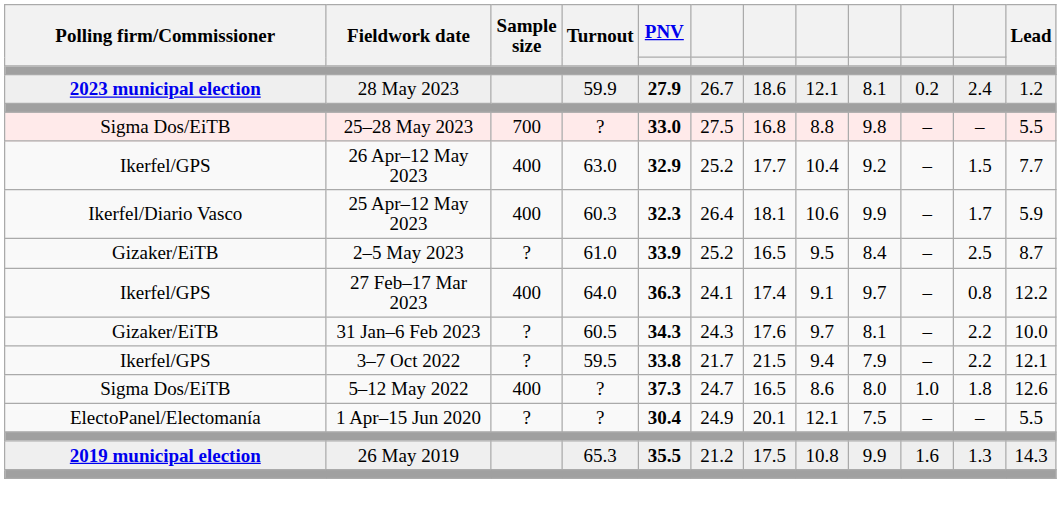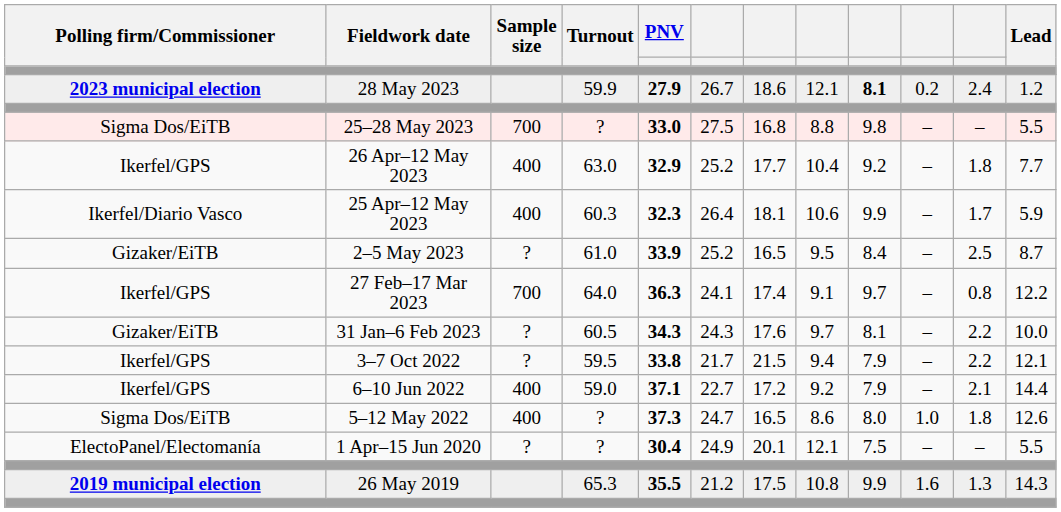 <table class="wikitable collapsible collapsed" style="text-align:center; font-size:95%; line-height:16px;">
 <tr style="height:42px;">
 <th style="width:250px;" rowspan="2">Polling firm/Commissioner</th>
 <th style="width:125px;" rowspan="2">Fieldwork date</th>
 <th style="width:50px;" rowspan="2">Sample size</th>
 <th style="width:45px;" rowspan="2">Turnout</th>
 <th style="width:35px;"><a href='#'>PNV</a></th>
 <th style="width:35px;"></th>
 <th style="width:35px;"></th>
 <th style="width:35px;"></th>
 <th style="width:35px;"></th>
 <th style="width:35px;"></th>
 <th style="width:35px;"></th>
 <th style="width:30px;" rowspan="2">Lead</th>
 </tr>
 <tr>
 <th style="color:inherit;background:"></th>
 <th style="color:inherit;background:"></th>
 <th style="color:inherit;background:"></th>
 <th style="color:inherit;background:"></th>
 <th style="color:inherit;background:"></th>
 <th style="color:inherit;background:"></th>
 <th style="color:inherit;background:"></th>
 </tr>
 <tr>
 <td colspan="12" style="background:#A0A0A0"></td>
 </tr>
 <tr style="background:#EFEFEF;">
 <td><strong><a href='#'>2023 municipal election</a></strong></td>
 <td>28 May 2023</td>
 <td></td>
 <td>59.9</td>
 <td><strong>27.9</strong><br></td>
 <td>26.7<br></td>
 <td>18.6<br></td>
 <td>12.1<br></td>
-<td>8.1<br></td>
+<td><strong>8.1<br></strong></td>
 <td>0.2<br></td>
 <td>2.4<br></td>
 <td style="background:">1.2</td>
 </tr>
 <tr>
 <td colspan="12" style="background:#A0A0A0"></td>
 </tr>
 <tr style="background:#FFEAEA;">
 <td>Sigma Dos/EiTB</td>
 <td>25–28 May 2023</td>
 <td>700</td>
 <td>?</td>
 <td><strong>33.0</strong><br></td>
 <td>27.5<br></td>
 <td>16.8<br></td>
 <td>8.8<br></td>
 <td>9.8<br></td>
 <td>–</td>
 <td>–</td>
 <td style="background:">5.5</td>
 </tr>
 <tr>
 <td>Ikerfel/GPS</td>
 <td>26 Apr–12 May 2023</td>
 <td>400</td>
 <td>63.0</td>
 <td><strong>32.9</strong><br></td>
 <td>25.2<br></td>
 <td>17.7<br></td>
 <td>10.4<br></td>
 <td>9.2<br></td>
 <td>–</td>
-<td>1.5<br></td>
+<td>1.8<br></td>
 <td style="background:">7.7</td>
 </tr>
 <tr>
 <td>Ikerfel/Diario Vasco</td>
 <td>25 Apr–12 May 2023</td>
 <td>400</td>
 <td>60.3</td>
 <td><strong>32.3</strong><br></td>
 <td>26.4<br></td>
 <td>18.1<br></td>
 <td>10.6<br></td>
 <td>9.9<br></td>
 <td>–</td>
 <td>1.7<br></td>
 <td style="background:">5.9</td>
 </tr>
 <tr>
 <td>Gizaker/EiTB</td>
 <td>2–5 May 2023</td>
 <td>?</td>
 <td>61.0</td>
 <td><strong>33.9</strong><br></td>
 <td>25.2<br></td>
 <td>16.5<br></td>
 <td>9.5<br></td>
 <td>8.4<br></td>
 <td>–</td>
 <td>2.5<br></td>
 <td style="background:">8.7</td>
 </tr>
 <tr>
 <td>Ikerfel/GPS</td>
 <td>27 Feb–17 Mar 2023</td>
-<td>400</td>
+<td>700</td>
 <td>64.0</td>
 <td><strong>36.3</strong><br></td>
 <td>24.1<br></td>
 <td>17.4<br></td>
 <td>9.1<br></td>
 <td>9.7<br></td>
 <td>–</td>
 <td>0.8<br></td>
 <td style="background:">12.2</td>
 </tr>
 <tr>
 <td>Gizaker/EiTB</td>
 <td>31 Jan–6 Feb 2023</td>
 <td>?</td>
 <td>60.5</td>
 <td><strong>34.3</strong><br></td>
 <td>24.3<br></td>
 <td>17.6<br></td>
 <td>9.7<br></td>
 <td>8.1<br></td>
 <td>–</td>
 <td>2.2<br></td>
 <td style="background:">10.0</td>
 </tr>
 <tr>
 <td>Ikerfel/GPS</td>
 <td>3–7 Oct 2022</td>
 <td>?</td>
 <td>59.5</td>
 <td><strong>33.8</strong><br></td>
 <td>21.7<br></td>
 <td>21.5<br></td>
 <td>9.4<br></td>
 <td>7.9<br></td>
 <td>–</td>
 <td>2.2<br></td>
 <td style="background:">12.1</td>
+</tr>
+<tr>
+<td>Ikerfel/GPS</td>
+<td>6–10 Jun 2022</td>
+<td>400</td>
+<td>59.0</td>
+<td><strong>37.1</strong><br></td>
+<td>22.7<br></td>
+<td>17.2<br></td>
+<td>9.2<br></td>
+<td>7.9<br></td>
+<td>–</td>
+<td>2.1<br></td>
+<td style="background:">14.4</td>
 </tr>
 <tr>
 <td>Sigma Dos/EiTB</td>
 <td>5–12 May 2022</td>
 <td>400</td>
 <td>?</td>
 <td><strong>37.3</strong><br></td>
 <td>24.7<br></td>
 <td>16.5<br></td>
 <td>8.6<br></td>
 <td>8.0<br></td>
 <td>1.0<br></td>
 <td>1.8<br></td>
 <td style="background:">12.6</td>
 </tr>
 <tr>
 <td>ElectoPanel/Electomanía</td>
 <td>1 Apr–15 Jun 2020</td>
 <td>?</td>
 <td>?</td>
 <td><strong>30.4</strong><br></td>
 <td>24.9<br></td>
 <td>20.1<br></td>
 <td>12.1<br></td>
 <td>7.5<br></td>
 <td>–</td>
 <td>–</td>
 <td style="background:">5.5</td>
 </tr>
 <tr>
 <td colspan="12" style="background:#A0A0A0"></td>
 </tr>
 <tr style="background:#EFEFEF;">
 <td><strong><a href='#'>2019 municipal election</a></strong></td>
 <td>26 May 2019</td>
 <td></td>
 <td>65.3</td>
 <td><strong>35.5</strong><br></td>
 <td>21.2<br></td>
 <td>17.5<br></td>
 <td>10.8<br></td>
 <td>9.9<br></td>
 <td>1.6<br></td>
 <td>1.3<br></td>
 <td style="background:">14.3</td>
 </tr>
 <tr>
 <td colspan="12" style="background:#A0A0A0"></td>
 </tr>
 </table>
